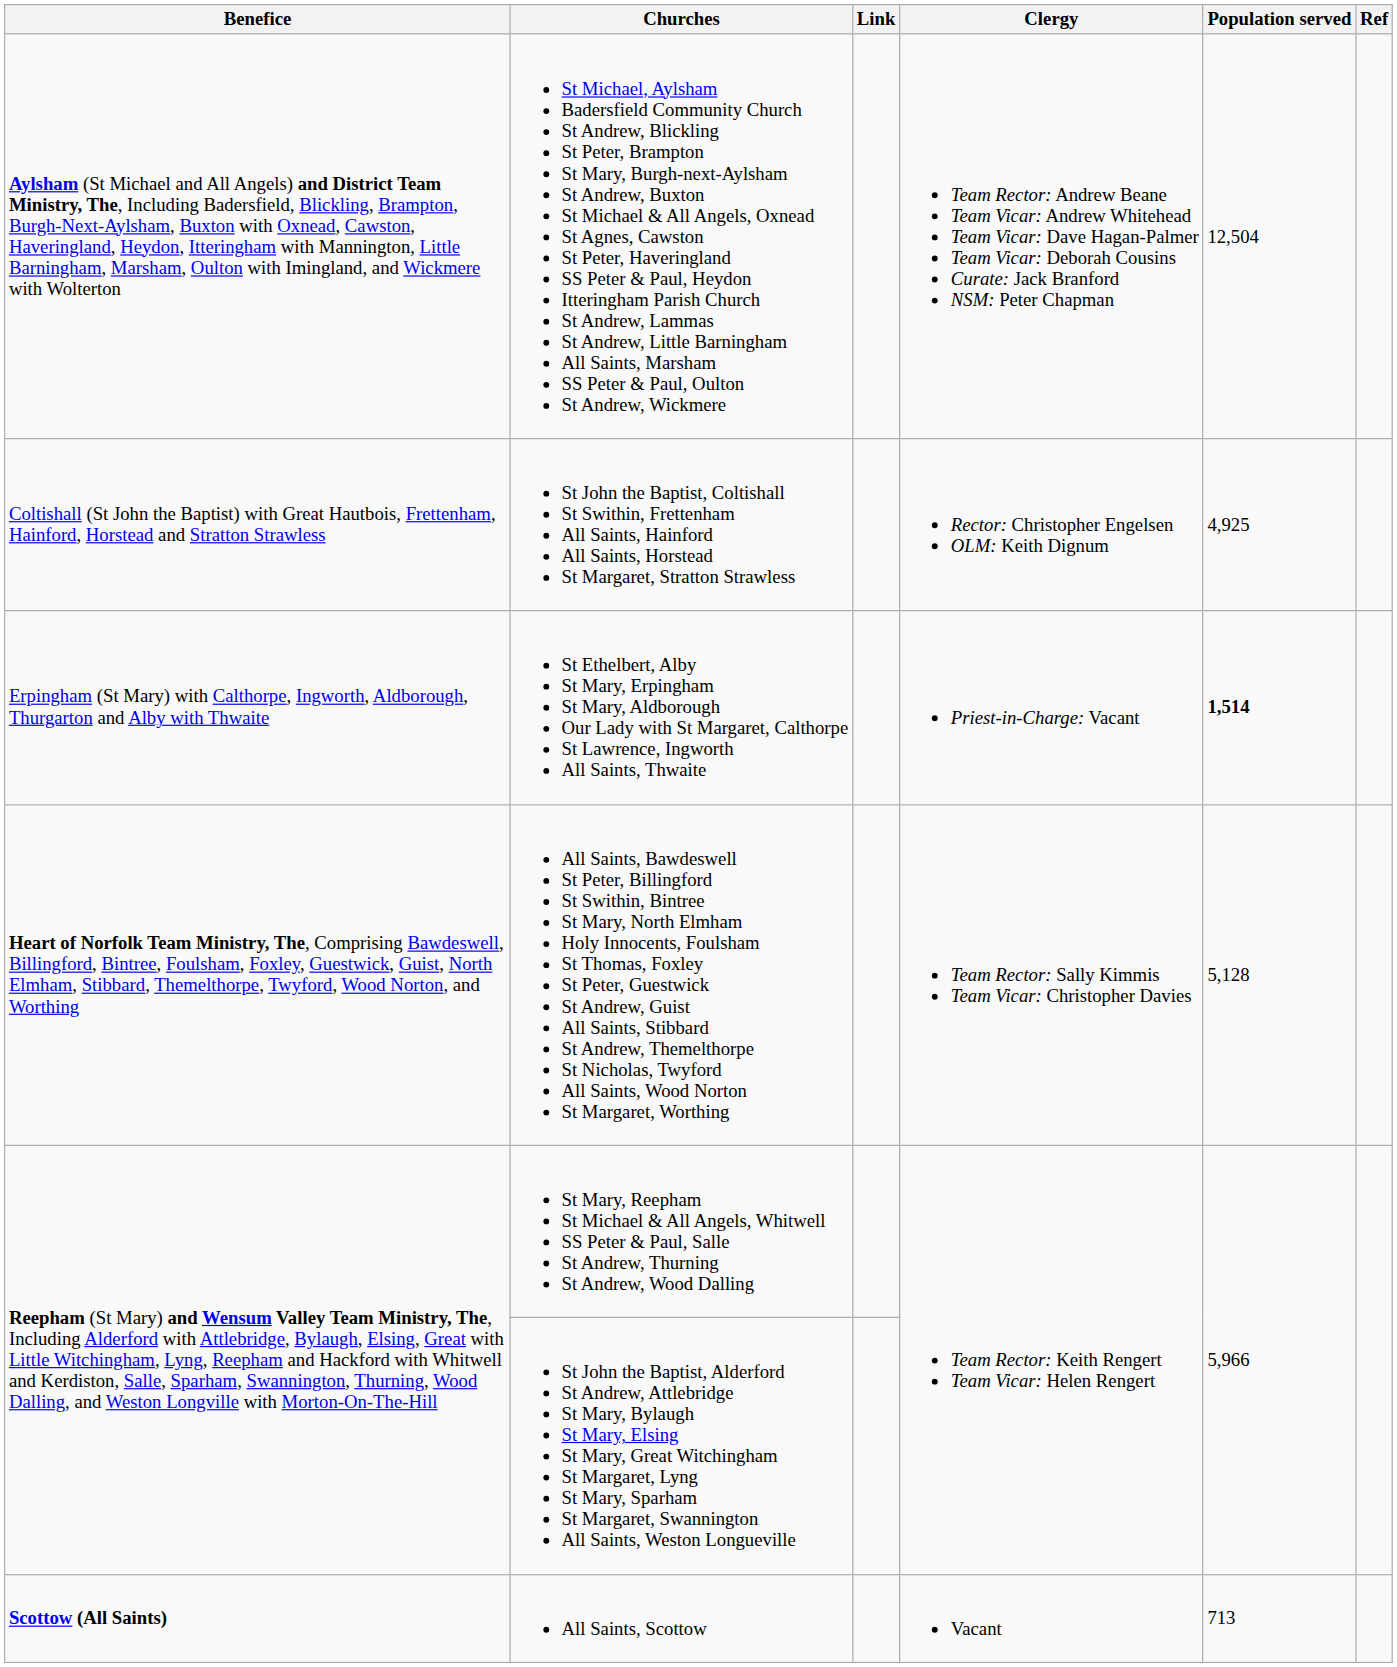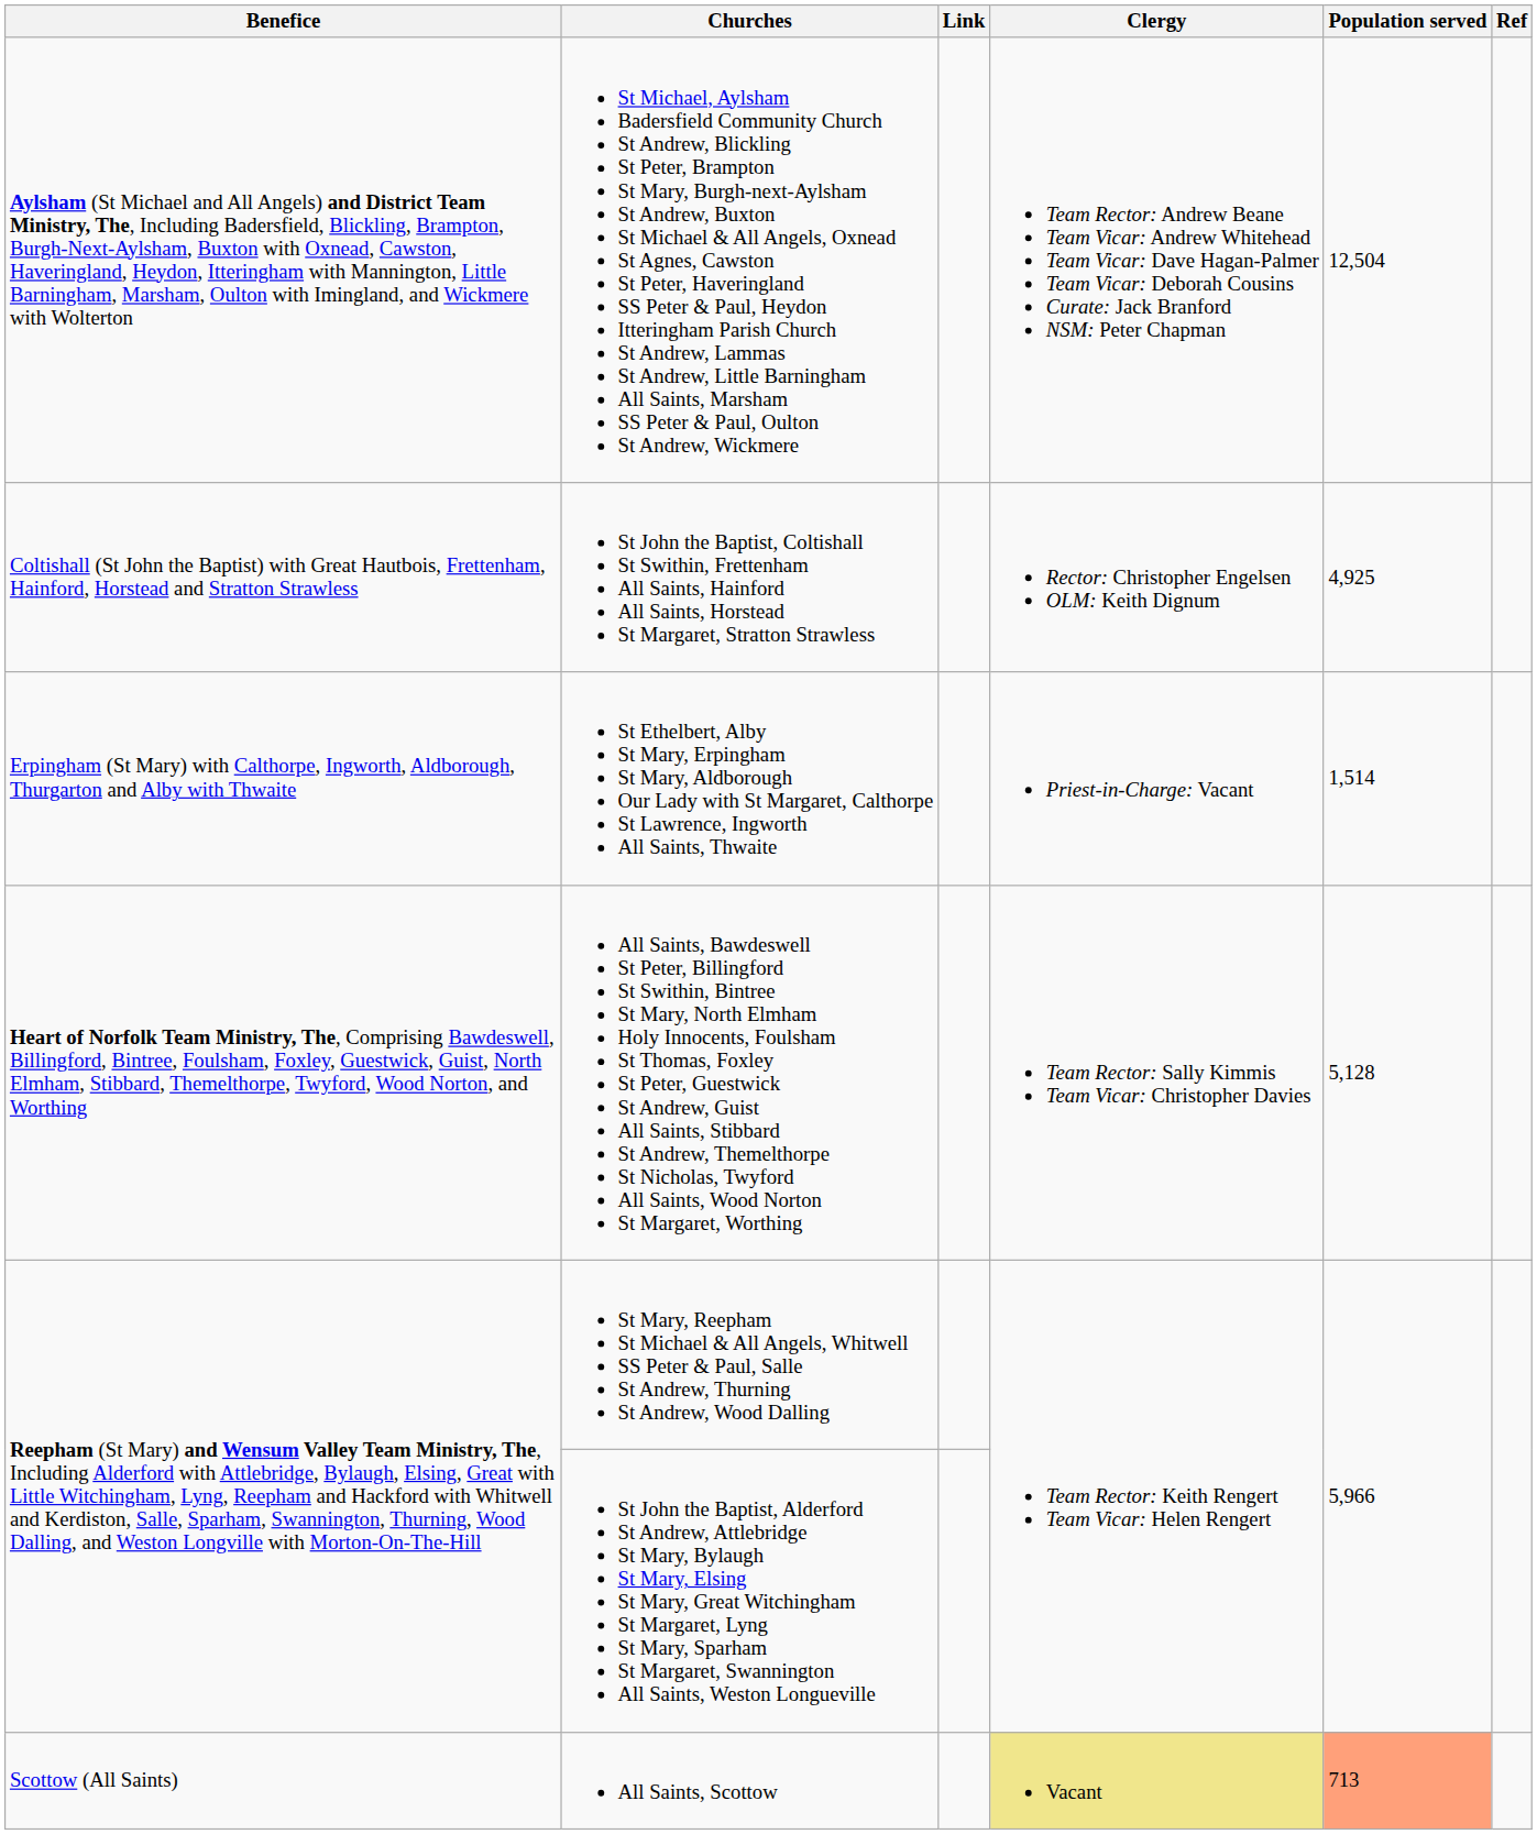 <table class="wikitable">
 <tr>
 <th width="425">Benefice</th>
 <th>Churches</th>
 <th>Link</th>
 <th>Clergy</th>
 <th>Population served</th>
 <th>Ref</th>
 </tr>
 <tr>
 <td><strong><a href='#'>Aylsham</a></strong> (St Michael and All Angels) <strong>and District Team Ministry, The</strong>, Including Badersfield, <a href='#'>Blickling</a>, <a href='#'>Brampton</a>, <a href='#'>Burgh-Next-Aylsham</a>, <a href='#'>Buxton</a> with <a href='#'>Oxnead</a>, <a href='#'>Cawston</a>, <a href='#'>Haveringland</a>, <a href='#'>Heydon</a>, <a href='#'>Itteringham</a> with Mannington, <a href='#'>Little Barningham</a>, <a href='#'>Marsham</a>, <a href='#'>Oulton</a> with Imingland, and <a href='#'>Wickmere</a> with Wolterton</td>
 <td><br><ul><li><a href='#'>St Michael, Aylsham</a></li><li>Badersfield Community Church</li><li>St Andrew, Blickling</li><li>St Peter, Brampton</li><li>St Mary, Burgh-next-Aylsham</li><li>St Andrew, Buxton</li><li>St Michael & All Angels, Oxnead</li><li>St Agnes, Cawston</li><li>St Peter, Haveringland</li><li>SS Peter & Paul, Heydon</li><li>Itteringham Parish Church</li><li>St Andrew, Lammas</li><li>St Andrew, Little Barningham</li><li>All Saints, Marsham</li><li>SS Peter & Paul, Oulton</li><li>St Andrew, Wickmere</li></ul></td>
 <td></td>
 <td><br><ul><li><em>Team Rector:</em> Andrew Beane</li><li><em>Team Vicar:</em> Andrew Whitehead</li><li><em>Team Vicar:</em> Dave Hagan-Palmer</li><li><em>Team Vicar:</em> Deborah Cousins</li><li><em>Curate:</em> Jack Branford</li><li><em>NSM:</em> Peter Chapman</li></ul></td>
 <td>12,504</td>
 <td></td>
 </tr>
 <tr>
 <td><a href='#'>Coltishall</a> (St John the Baptist) with Great Hautbois, <a href='#'>Frettenham</a>, <a href='#'>Hainford</a>, <a href='#'>Horstead</a> and <a href='#'>Stratton Strawless</a></td>
 <td><br><ul><li>St John the Baptist, Coltishall</li><li>St Swithin, Frettenham</li><li>All Saints, Hainford</li><li>All Saints, Horstead</li><li>St Margaret, Stratton Strawless</li></ul></td>
 <td></td>
 <td><br><ul><li><em>Rector:</em> Christopher Engelsen</li><li><em>OLM:</em> Keith Dignum</li></ul></td>
 <td>4,925</td>
 <td></td>
 </tr>
 <tr>
 <td><a href='#'>Erpingham</a> (St Mary) with <a href='#'>Calthorpe</a>, <a href='#'>Ingworth</a>, <a href='#'>Aldborough</a>, <a href='#'>Thurgarton</a> and <a href='#'>Alby with Thwaite</a></td>
 <td><br><ul><li>St Ethelbert, Alby</li><li>St Mary, Erpingham</li><li>St Mary, Aldborough</li><li>Our Lady with St Margaret, Calthorpe</li><li>St Lawrence, Ingworth</li><li>All Saints, Thwaite</li></ul></td>
 <td></td>
 <td><br><ul><li><em>Priest-in-Charge:</em> Vacant</li></ul></td>
-<td><strong>1,514</strong></td>
+<td>1,514</td>
 <td></td>
 </tr>
 <tr>
 <td><strong>Heart of Norfolk Team Ministry, The</strong>, Comprising <a href='#'>Bawdeswell</a>, <a href='#'>Billingford</a>, <a href='#'>Bintree</a>, <a href='#'>Foulsham</a>, <a href='#'>Foxley</a>, <a href='#'>Guestwick</a>, <a href='#'>Guist</a>, <a href='#'>North Elmham</a>, <a href='#'>Stibbard</a>, <a href='#'>Themelthorpe</a>, <a href='#'>Twyford</a>, <a href='#'>Wood Norton</a>, and <a href='#'>Worthing</a></td>
 <td><br><ul><li>All Saints, Bawdeswell</li><li>St Peter, Billingford</li><li>St Swithin, Bintree</li><li>St Mary, North Elmham</li><li>Holy Innocents, Foulsham</li><li>St Thomas, Foxley</li><li>St Peter, Guestwick</li><li>St Andrew, Guist</li><li>All Saints, Stibbard</li><li>St Andrew, Themelthorpe</li><li>St Nicholas, Twyford</li><li>All Saints, Wood Norton</li><li>St Margaret, Worthing</li></ul></td>
 <td></td>
 <td><br><ul><li><em>Team Rector:</em> Sally Kimmis</li><li><em>Team Vicar:</em> Christopher Davies</li></ul></td>
 <td>5,128</td>
 <td></td>
 </tr>
 <tr>
 <td rowspan="2"><strong>Reepham</strong> (St Mary) <strong>and <a href='#'>Wensum</a> Valley Team Ministry, The</strong>, Including <a href='#'>Alderford</a> with <a href='#'>Attlebridge</a>, <a href='#'>Bylaugh</a>, <a href='#'>Elsing</a>, <a href='#'>Great</a> with <a href='#'>Little Witchingham</a>, <a href='#'>Lyng</a>, <a href='#'>Reepham</a> and Hackford with Whitwell and Kerdiston, <a href='#'>Salle</a>, <a href='#'>Sparham</a>, <a href='#'>Swannington</a>, <a href='#'>Thurning</a>, <a href='#'>Wood Dalling</a>, and <a href='#'>Weston Longville</a> with <a href='#'>Morton-On-The-Hill</a></td>
 <td><br><ul><li>St Mary, Reepham</li><li>St Michael & All Angels, Whitwell</li><li>SS Peter & Paul, Salle</li><li>St Andrew, Thurning</li><li>St Andrew, Wood Dalling</li></ul></td>
 <td></td>
 <td rowspan="2"><br><ul><li><em>Team Rector:</em> Keith Rengert</li><li><em>Team Vicar:</em> Helen Rengert</li></ul></td>
 <td rowspan="2">5,966</td>
 <td rowspan="2"></td>
 </tr>
 <tr>
 <td><br><ul><li>St John the Baptist, Alderford</li><li>St Andrew, Attlebridge</li><li>St Mary, Bylaugh</li><li><a href='#'>St Mary, Elsing</a></li><li>St Mary, Great Witchingham</li><li>St Margaret, Lyng</li><li>St Mary, Sparham</li><li>St Margaret, Swannington</li><li>All Saints, Weston Longueville</li></ul></td>
 <td></td>
 </tr>
 <tr>
-<td><strong><a href='#'>Scottow</a> (All Saints)</strong></td>
+<td><a href='#'>Scottow</a> (All Saints)</td>
 <td><br><ul><li>All Saints, Scottow</li></ul></td>
 <td></td>
-<td><br><ul><li>Vacant</li></ul></td>
-<td>713</td>
+<td style="background: khaki;"><br><ul><li>Vacant</li></ul></td>
+<td style="background: lightsalmon;">713</td>
 <td></td>
 </tr>
 </table>
